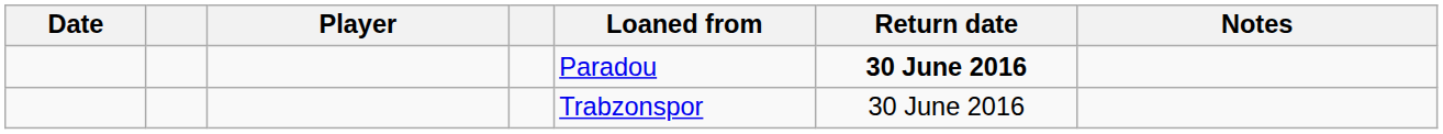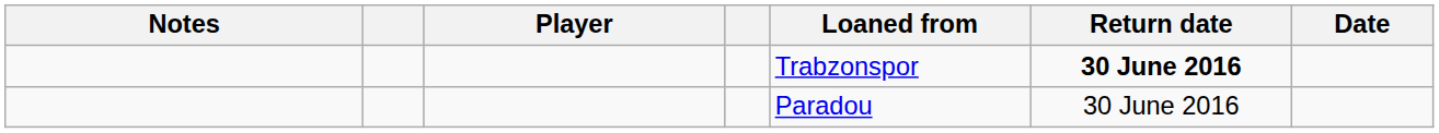 <table class="wikitable sortable">
 <tr>
-<th style="width:80px;">Date</th>
+<th style="width:215px;" class="unsortable">Notes</th>
 <th style="width:30px;"></th>
 <th style="width:180px;">Player</th>
 <th style="width:20px;"></th>
 <th style="width:155px;">Loaned from</th>
 <th style="width:155px;" class="unsortable">Return date</th>
-<th style="width:215px;" class="unsortable">Notes</th>
+<th style="width:80px;">Date</th>
 </tr>
 <tr>
+<td align=center></td>
+<td align=center></td>
+<td> </td>
 <td></td>
+<td> <a href='#'>Trabzonspor</a></td>
+<td align=center><strong>30 June 2016</strong></td>
+<td></td>
+</tr>
+<tr>
+<td align=center></td>
 <td align=center></td>
 <td> </td>
 <td></td>
 <td> <a href='#'>Paradou</a></td>
-<td align=center><strong>30 June 2016</strong></td>
-<td align=center></td>
-</tr>
-<tr>
+<td align=center>30 June 2016</td>
 <td></td>
-<td align=center></td>
-<td> </td>
-<td></td>
-<td> <a href='#'>Trabzonspor</a></td>
-<td align=center>30 June 2016</td>
-<td align=center></td>
 </tr>
 </table>
